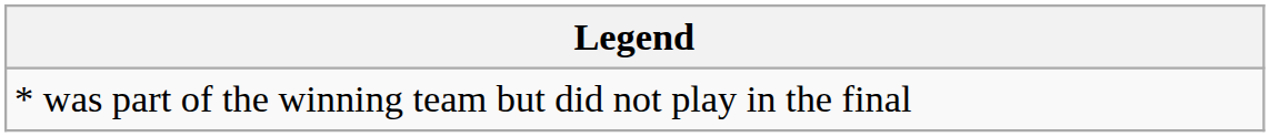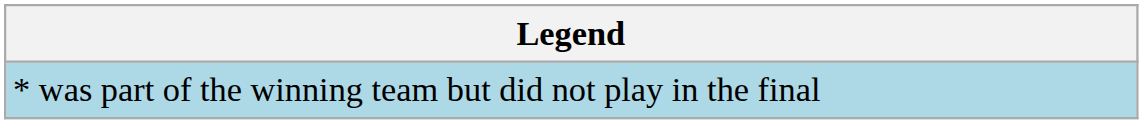 <table class="wikitable" style="font-size:95%; width:33em">
 <tr>
 <th>Legend</th>
 </tr>
 <tr>
-<td>* was part of the winning team but did not play in the final</td>
+<td style="background: lightblue;">* was part of the winning team but did not play in the final</td>
 </tr>
 </table>
